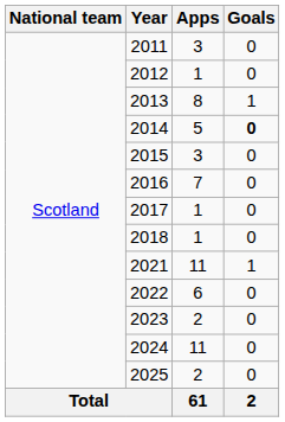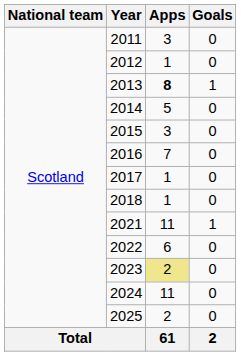 <table class=wikitable style="text-align: center;">
 <tr>
 <th>National team</th>
 <th>Year</th>
 <th>Apps</th>
 <th>Goals</th>
 </tr>
 <tr>
 <td rowspan="13"><a href='#'>Scotland</a></td>
 <td>2011</td>
 <td>3</td>
 <td>0</td>
 </tr>
 <tr>
 <td>2012</td>
 <td>1</td>
 <td>0</td>
 </tr>
 <tr>
 <td>2013</td>
-<td>8</td>
+<td><strong>8</strong></td>
 <td>1</td>
 </tr>
 <tr>
 <td>2014</td>
 <td>5</td>
-<td><strong>0</strong></td>
+<td>0</td>
 </tr>
 <tr>
 <td>2015</td>
 <td>3</td>
 <td>0</td>
 </tr>
 <tr>
 <td>2016</td>
 <td>7</td>
 <td>0</td>
 </tr>
 <tr>
 <td>2017</td>
 <td>1</td>
 <td>0</td>
 </tr>
 <tr>
 <td>2018</td>
 <td>1</td>
 <td>0</td>
 </tr>
 <tr>
 <td>2021</td>
 <td>11</td>
 <td>1</td>
 </tr>
 <tr>
 <td>2022</td>
 <td>6</td>
 <td>0</td>
 </tr>
 <tr>
 <td>2023</td>
-<td>2</td>
+<td style="background: khaki;">2</td>
 <td>0</td>
 </tr>
 <tr>
 <td>2024</td>
 <td>11</td>
 <td>0</td>
 </tr>
 <tr>
 <td>2025</td>
 <td>2</td>
 <td>0</td>
 </tr>
 <tr>
 <th colspan="2">Total</th>
 <th>61</th>
 <th>2</th>
 </tr>
 </table>
